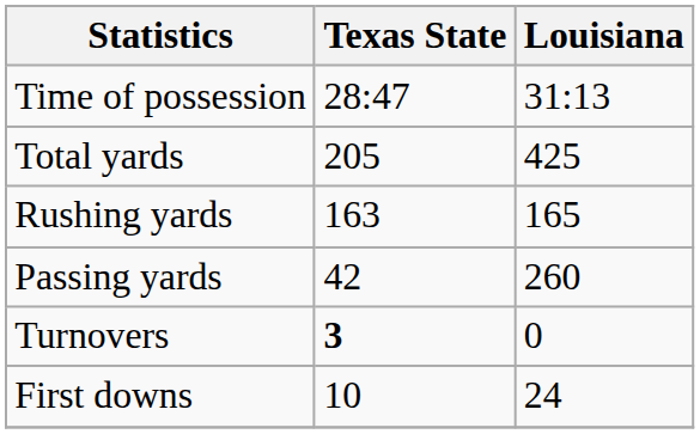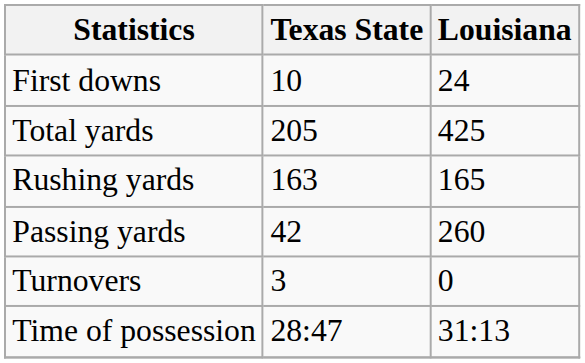 <table class="wikitable">
 <tr>
 <th>Statistics</th>
 <th>Texas State</th>
 <th>Louisiana</th>
 </tr>
 <tr>
-<td>Time of possession</td>
-<td>28:47</td>
-<td>31:13</td>
+<td>First downs</td>
+<td>10</td>
+<td>24</td>
 </tr>
 <tr>
 <td>Total yards</td>
 <td>205</td>
 <td>425</td>
 </tr>
 <tr>
 <td>Rushing yards</td>
 <td>163</td>
 <td>165</td>
 </tr>
 <tr>
 <td>Passing yards</td>
 <td>42</td>
 <td>260</td>
 </tr>
 <tr>
 <td>Turnovers</td>
-<td><strong>3</strong></td>
+<td>3</td>
 <td>0</td>
 </tr>
 <tr>
-<td>First downs</td>
-<td>10</td>
-<td>24</td>
+<td>Time of possession</td>
+<td>28:47</td>
+<td>31:13</td>
 </tr>
 <tr>
 </tr>
 </table>
